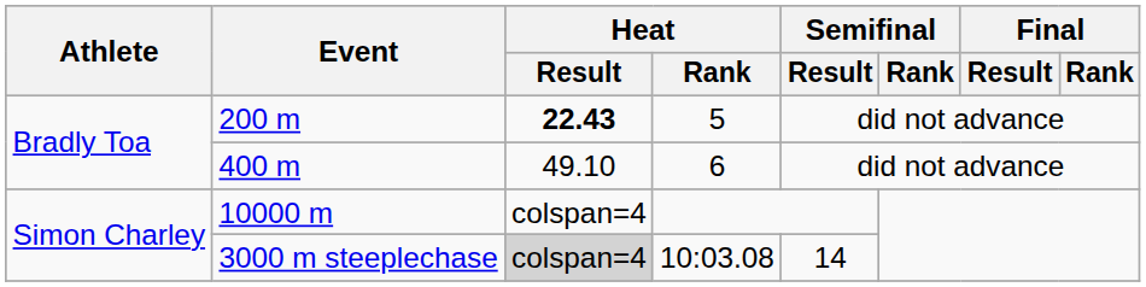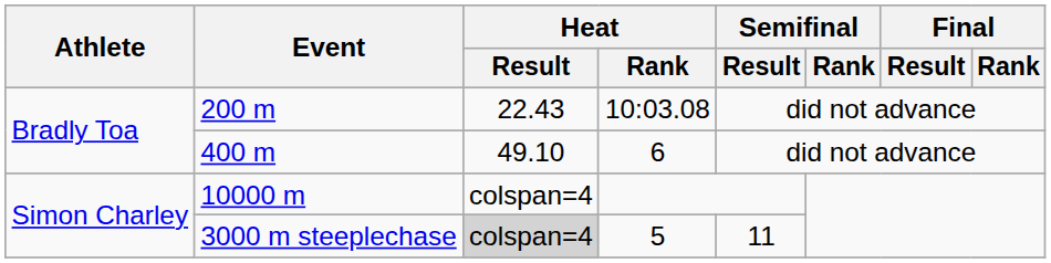 <table class="wikitable" style="font-size:90%">
 <tr>
 <th rowspan=2>Athlete</th>
 <th rowspan=2>Event</th>
 <th colspan=2>Heat</th>
 <th colspan=2>Semifinal</th>
 <th colspan=2>Final</th>
 </tr>
 <tr style="font-size:95%">
 <th>Result</th>
 <th>Rank</th>
 <th>Result</th>
 <th>Rank</th>
 <th>Result</th>
 <th>Rank</th>
 </tr>
 <tr align=center>
 <td align=left rowspan=2><a href='#'>Bradly Toa</a></td>
 <td align=left><a href='#'>200 m</a></td>
-<td><strong>22.43</strong></td>
-<td>5</td>
+<td>22.43</td>
+<td>10:03.08</td>
 <td colspan=4>did not advance</td>
 </tr>
 <tr align=center>
 <td align=left><a href='#'>400 m</a></td>
 <td>49.10</td>
 <td>6</td>
 <td colspan=4>did not advance</td>
 </tr>
 <tr align=center>
 <td align=left rowspan=2><a href='#'>Simon Charley</a></td>
 <td align=left><a href='#'>10000 m</a></td>
 <td>colspan=4 </td>
 <td colspan=2></td>
 </tr>
 <tr align=center>
 <td align=left><a href='#'>3000 m steeplechase</a></td>
 <td style="background: lightgrey;">colspan=4 </td>
-<td>10:03.08</td>
-<td>14</td>
+<td>5</td>
+<td>11</td>
 </tr>
 </table>
